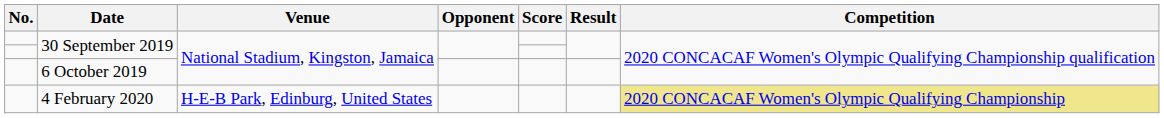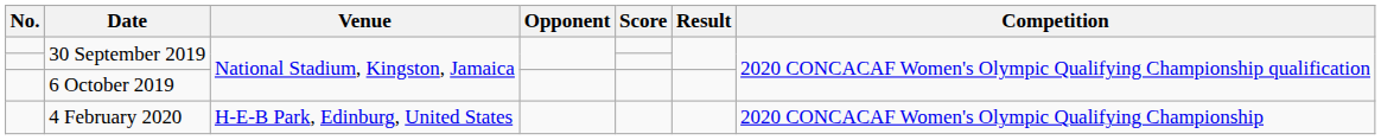 <table class="wikitable">
 <tr>
 <th>No.</th>
 <th>Date</th>
 <th>Venue</th>
 <th>Opponent</th>
 <th>Score</th>
 <th>Result</th>
 <th>Competition</th>
 </tr>
 <tr>
 <td></td>
 <td rowspan=2>30 September 2019</td>
 <td rowspan=3><a href='#'>National Stadium</a>, <a href='#'>Kingston</a>, <a href='#'>Jamaica</a></td>
 <td rowspan=2></td>
 <td></td>
 <td rowspan=2></td>
 <td rowspan=3><a href='#'>2020 CONCACAF Women's Olympic Qualifying Championship qualification</a></td>
 </tr>
 <tr>
 <td></td>
 <td></td>
 </tr>
 <tr>
 <td></td>
 <td>6 October 2019</td>
 <td></td>
 <td></td>
 <td></td>
 </tr>
 <tr>
 <td></td>
 <td>4 February 2020</td>
 <td><a href='#'>H-E-B Park</a>, <a href='#'>Edinburg</a>, <a href='#'>United States</a></td>
 <td></td>
 <td></td>
 <td></td>
-<td style="background: khaki;"><a href='#'>2020 CONCACAF Women's Olympic Qualifying Championship</a></td>
+<td><a href='#'>2020 CONCACAF Women's Olympic Qualifying Championship</a></td>
 </tr>
 </table>
